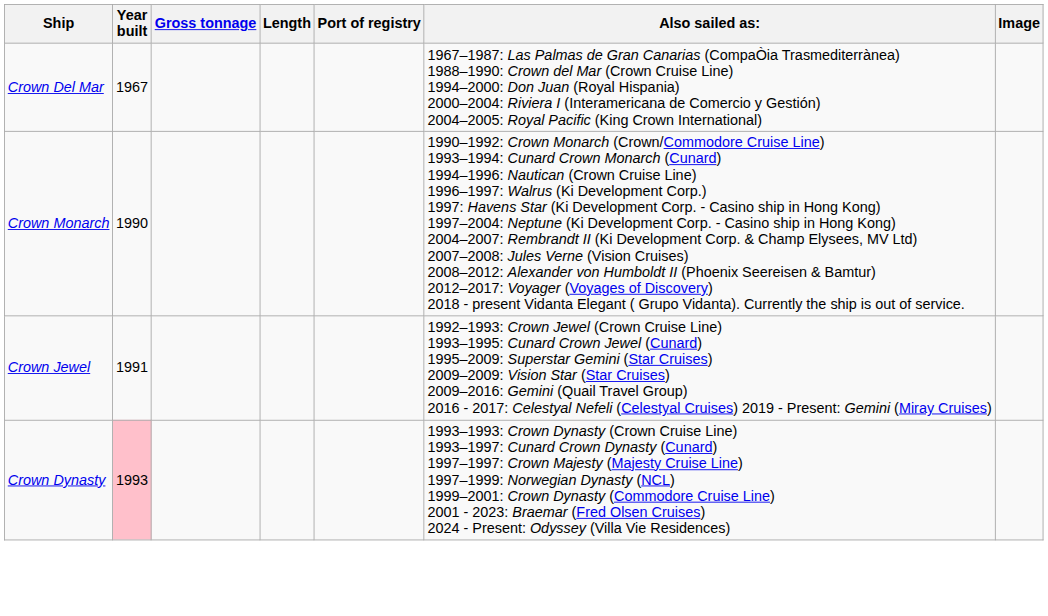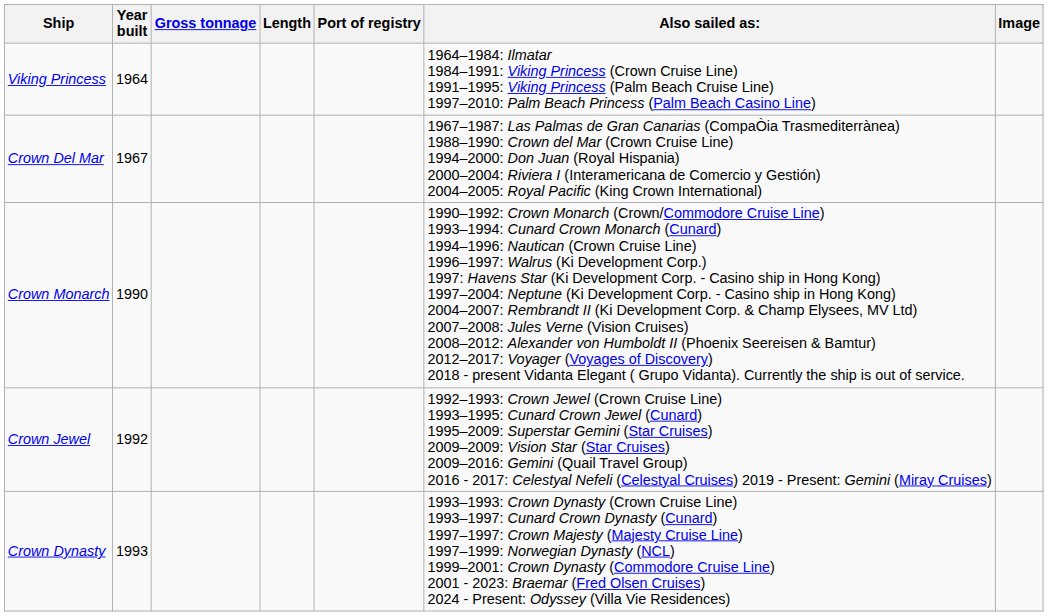 <table class="wikitable">
 <tr>
 <th>Ship</th>
 <th>Year<br>built</th>
 <th><a href='#'>Gross tonnage</a></th>
 <th>Length</th>
 <th>Port of registry</th>
 <th>Also sailed as:</th>
 <th>Image</th>
+</tr>
+<tr>
+<td><em><a href='#'>Viking Princess</a></em></td>
+<td align="Center">1964</td>
+<td align="Center"></td>
+<td align="Center"></td>
+<td align="Center"></td>
+<td>1964–1984: <em>Ilmatar</em><br>1984–1991: <em><a href='#'>Viking Princess</a></em> (Crown Cruise Line)<br>1991–1995: <em><a href='#'>Viking Princess</a></em> (Palm Beach Cruise Line)<br>1997–2010: <em>Palm Beach Princess</em> (<a href='#'>Palm Beach Casino Line</a>)</td>
+<td></td>
 </tr>
 <tr>
 <td><em><a href='#'>Crown Del Mar</a></em></td>
 <td align="Center">1967</td>
 <td align="Center"></td>
 <td align="Center"></td>
 <td align="Center"></td>
 <td>1967–1987: <em>Las Palmas de Gran Canarias</em> (CompaÒia Trasmediterrànea)<br>1988–1990: <em>Crown del Mar</em> (Crown Cruise Line)<br>1994–2000: <em>Don Juan</em> (Royal Hispania)<br>2000–2004: <em>Riviera I</em> (Interamericana de Comercio y Gestión)<br>2004–2005: <em>Royal Pacific</em> (King Crown International)</td>
 <td></td>
 </tr>
 <tr>
 <td><em><a href='#'>Crown Monarch</a></em></td>
 <td align="Center">1990</td>
 <td align="Center"></td>
 <td align="Center"></td>
 <td align="Center"></td>
 <td>1990–1992: <em>Crown Monarch</em>  (Crown/<a href='#'>Commodore Cruise Line</a>)<br>1993–1994: <em>Cunard Crown Monarch</em> (<a href='#'>Cunard</a>)<br>1994–1996: <em>Nautican</em> (Crown Cruise Line)<br>1996–1997: <em>Walrus</em> (Ki Development Corp.)<br>1997: <em>Havens Star</em> (Ki Development Corp. - Casino ship in Hong Kong)<br>1997–2004: <em>Neptune</em> (Ki Development Corp. - Casino ship in Hong Kong)<br>2004–2007: <em>Rembrandt II</em> (Ki Development Corp. & Champ Elysees, MV Ltd)<br>2007–2008: <em>Jules Verne</em> (Vision Cruises)<br>2008–2012: <em>Alexander von Humboldt II</em> (Phoenix Seereisen & Bamtur)<br>2012–2017: <em>Voyager</em> (<a href='#'>Voyages of Discovery</a>)<br>2018 - present Vidanta Elegant ( Grupo Vidanta). Currently the ship is out of service.</td>
 <td></td>
 </tr>
 <tr>
 <td><em><a href='#'>Crown Jewel</a></em></td>
-<td align="Center">1991</td>
+<td align="Center">1992</td>
 <td align="Center"></td>
 <td align="Center"></td>
 <td align="Center"></td>
 <td>1992–1993: <em>Crown Jewel</em> (Crown Cruise Line)<br>1993–1995: <em>Cunard Crown Jewel</em> (<a href='#'>Cunard</a>)<br>1995–2009: <em>Superstar Gemini</em>  (<a href='#'>Star Cruises</a>)<br>2009–2009: <em>Vision Star</em> (<a href='#'>Star Cruises</a>)<br>2009–2016: <em>Gemini</em> (Quail Travel Group)<br>2016 - 2017: <em>Celestyal Nefeli</em> (<a href='#'>Celestyal Cruises</a>) 2019 - Present: <em>Gemini</em>  (<a href='#'>Miray Cruises</a>)</td>
 <td></td>
 </tr>
 <tr>
 <td><em><a href='#'>Crown Dynasty</a></em></td>
-<td align="Center" style="background: pink;">1993</td>
+<td align="Center">1993</td>
 <td align="Center"></td>
 <td align="Center"></td>
 <td align="Center"></td>
 <td>1993–1993: <em>Crown Dynasty</em> (Crown Cruise Line)<br>1993–1997: <em>Cunard Crown Dynasty</em> (<a href='#'>Cunard</a>)<br>1997–1997: <em>Crown Majesty</em> (<a href='#'>Majesty Cruise Line</a>)<br>1997–1999: <em>Norwegian Dynasty</em> (<a href='#'>NCL</a>)<br>1999–2001: <em>Crown Dynasty</em> (<a href='#'>Commodore Cruise Line</a>)<br>2001 - 2023: <em>Braemar</em> (<a href='#'>Fred Olsen Cruises</a>)<br>2024 - Present: <em>Odyssey</em> (Villa Vie Residences)</td>
 <td></td>
 </tr>
 </table>
